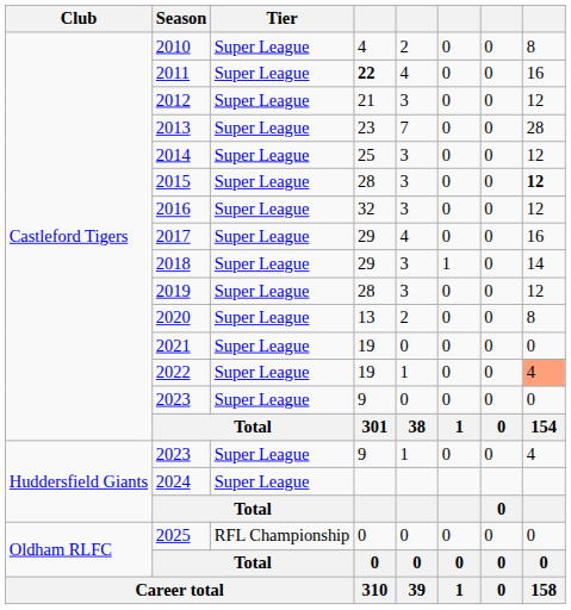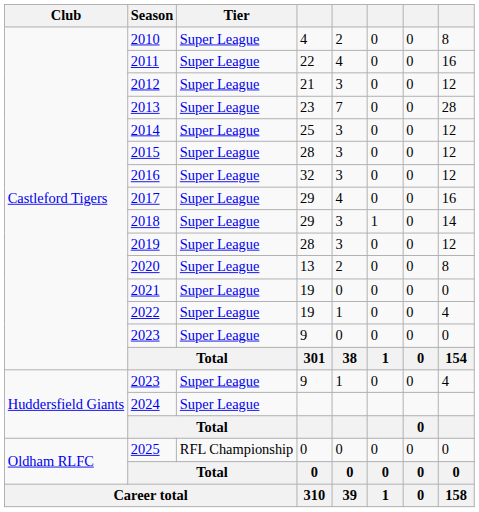 <table class="wikitable defaultcenter">
 <tr>
 <th>Club</th>
 <th>Season</th>
 <th>Tier</th>
 <th style="width:2em;"></th>
 <th style="width:2em;"></th>
 <th style="width:2em;"></th>
 <th style="width:2em;"></th>
 <th style="width:2em;"></th>
 </tr>
 <tr>
 <td rowspan="15" style="text-align:left;"> <a href='#'>Castleford Tigers</a></td>
 <td><a href='#'>2010</a></td>
 <td><a href='#'>Super League</a></td>
 <td>4</td>
 <td>2</td>
 <td>0</td>
 <td>0</td>
 <td>8</td>
 </tr>
 <tr>
 <td><a href='#'>2011</a></td>
 <td><a href='#'>Super League</a></td>
-<td><strong>22</strong></td>
+<td>22</td>
 <td>4</td>
 <td>0</td>
 <td>0</td>
 <td>16</td>
 </tr>
 <tr>
 <td><a href='#'>2012</a></td>
 <td><a href='#'>Super League</a></td>
 <td>21</td>
 <td>3</td>
 <td>0</td>
 <td>0</td>
 <td>12</td>
 </tr>
 <tr>
 <td><a href='#'>2013</a></td>
 <td><a href='#'>Super League</a></td>
 <td>23</td>
 <td>7</td>
 <td>0</td>
 <td>0</td>
 <td>28</td>
 </tr>
 <tr>
 <td><a href='#'>2014</a></td>
 <td><a href='#'>Super League</a></td>
 <td>25</td>
 <td>3</td>
 <td>0</td>
 <td>0</td>
 <td>12</td>
 </tr>
 <tr>
 <td><a href='#'>2015</a></td>
 <td><a href='#'>Super League</a></td>
 <td>28</td>
 <td>3</td>
 <td>0</td>
 <td>0</td>
-<td><strong>12</strong></td>
+<td>12</td>
 </tr>
 <tr>
 <td><a href='#'>2016</a></td>
 <td><a href='#'>Super League</a></td>
 <td>32</td>
 <td>3</td>
 <td>0</td>
 <td>0</td>
 <td>12</td>
 </tr>
 <tr>
 <td><a href='#'>2017</a></td>
 <td><a href='#'>Super League</a></td>
 <td>29</td>
 <td>4</td>
 <td>0</td>
 <td>0</td>
 <td>16</td>
 </tr>
 <tr>
 <td><a href='#'>2018</a></td>
 <td><a href='#'>Super League</a></td>
 <td>29</td>
 <td>3</td>
 <td>1</td>
 <td>0</td>
 <td>14</td>
 </tr>
 <tr>
 <td><a href='#'>2019</a></td>
 <td><a href='#'>Super League</a></td>
 <td>28</td>
 <td>3</td>
 <td>0</td>
 <td>0</td>
 <td>12</td>
 </tr>
 <tr>
 <td><a href='#'>2020</a></td>
 <td><a href='#'>Super League</a></td>
 <td>13</td>
 <td>2</td>
 <td>0</td>
 <td>0</td>
 <td>8</td>
 </tr>
 <tr>
 <td><a href='#'>2021</a></td>
 <td><a href='#'>Super League</a></td>
 <td>19</td>
 <td>0</td>
 <td>0</td>
 <td>0</td>
 <td>0</td>
 </tr>
 <tr>
 <td><a href='#'>2022</a></td>
 <td><a href='#'>Super League</a></td>
 <td>19</td>
 <td>1</td>
 <td>0</td>
 <td>0</td>
-<td style="background: lightsalmon;">4</td>
+<td>4</td>
 </tr>
 <tr>
 <td><a href='#'>2023</a></td>
 <td><a href='#'>Super League</a></td>
 <td>9</td>
 <td>0</td>
 <td>0</td>
 <td>0</td>
 <td>0</td>
 </tr>
 <tr>
 <th colspan="2">Total</th>
 <th>301</th>
 <th>38</th>
 <th>1</th>
 <th>0</th>
 <th>154</th>
 </tr>
 <tr>
 <td rowspan="3" style="text-align:left;"> <a href='#'>Huddersfield Giants</a></td>
 <td><a href='#'>2023</a></td>
 <td><a href='#'>Super League</a></td>
 <td>9</td>
 <td>1</td>
 <td>0</td>
 <td>0</td>
 <td>4</td>
 </tr>
 <tr>
 <td><a href='#'>2024</a></td>
 <td><a href='#'>Super League</a></td>
 <td></td>
 <td></td>
 <td></td>
 <td></td>
 <td></td>
 </tr>
 <tr>
 <th colspan="2">Total</th>
 <th></th>
 <th></th>
 <th></th>
 <th>0</th>
 <th></th>
 </tr>
 <tr>
 <td rowspan="2" style="text-align:left;"> <a href='#'>Oldham RLFC</a></td>
 <td><a href='#'>2025</a></td>
 <td>RFL Championship</td>
 <td>0</td>
 <td>0</td>
 <td>0</td>
 <td>0</td>
 <td>0</td>
 </tr>
 <tr>
 <th colspan="2">Total</th>
 <th>0</th>
 <th>0</th>
 <th>0</th>
 <th>0</th>
 <th>0</th>
 </tr>
 <tr>
 <th colspan="3">Career total</th>
 <th>310</th>
 <th>39</th>
 <th>1</th>
 <th>0</th>
 <th>158</th>
 </tr>
 </table>
